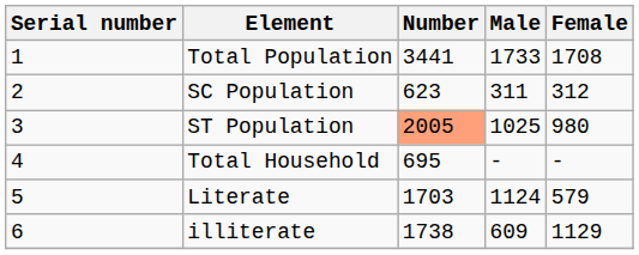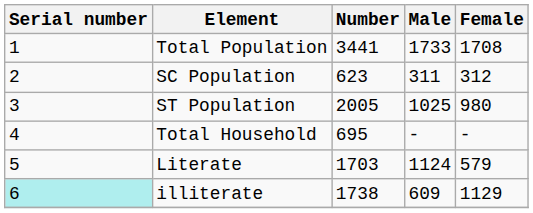 <table class="wikitable sortable" style="text-align:center, min-width:100px">
 <tr>
 <th>Serial number</th>
 <th>Element</th>
 <th>Number</th>
 <th>Male</th>
 <th>Female</th>
 </tr>
 <tr>
 <td>1</td>
 <td>Total Population</td>
 <td>3441</td>
 <td>1733</td>
 <td>1708</td>
 </tr>
 <tr>
 <td>2</td>
 <td>SC Population</td>
 <td>623</td>
 <td>311</td>
 <td>312</td>
 </tr>
 <tr>
 <td>3</td>
 <td>ST Population</td>
-<td style="background: lightsalmon;">2005</td>
+<td>2005</td>
 <td>1025</td>
 <td>980</td>
 </tr>
 <tr>
 <td>4</td>
 <td>Total Household</td>
 <td>695</td>
 <td>-</td>
 <td>-</td>
 </tr>
 <tr>
 <td>5</td>
 <td>Literate</td>
 <td>1703</td>
 <td>1124</td>
 <td>579</td>
 </tr>
 <tr>
-<td>6</td>
+<td style="background: paleturquoise;">6</td>
 <td>illiterate</td>
 <td>1738</td>
 <td>609</td>
 <td>1129</td>
 </tr>
 <tr>
 </tr>
 </table>
